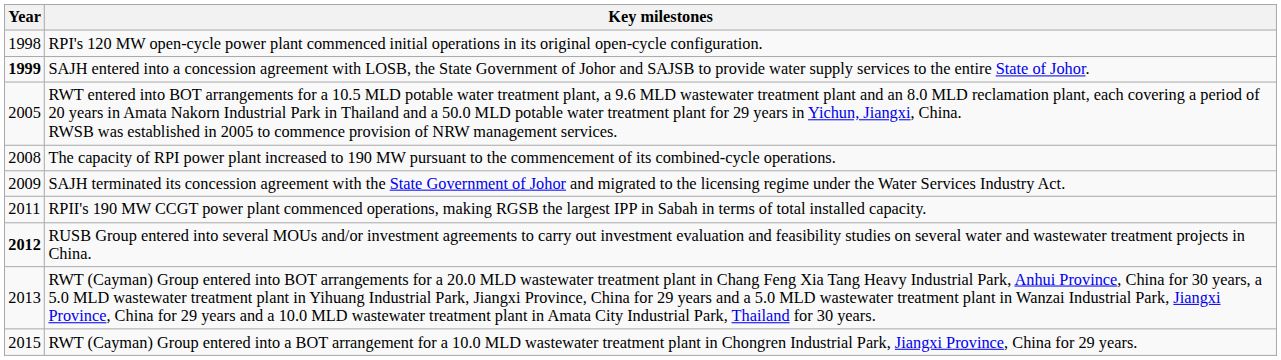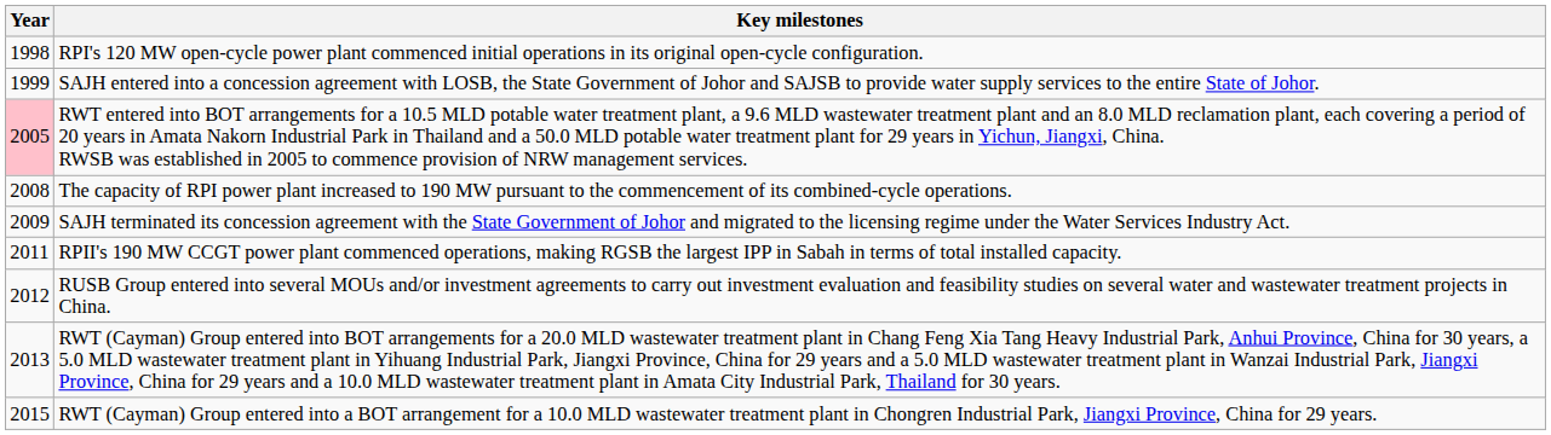 <table class="wikitable">
 <tr>
 <th>Year</th>
 <th>Key milestones</th>
 </tr>
 <tr>
 <td>1998</td>
 <td>RPI's 120 MW open-cycle power plant commenced initial operations in its original open-cycle configuration.</td>
 </tr>
 <tr>
-<td><strong>1999</strong></td>
+<td>1999</td>
 <td>SAJH entered into a concession agreement with LOSB, the State Government of Johor and SAJSB to provide water supply services to the entire <a href='#'>State of Johor</a>.</td>
 </tr>
 <tr>
-<td>2005</td>
+<td style="background: pink;">2005</td>
 <td>RWT entered into BOT arrangements for a 10.5 MLD potable water treatment plant, a 9.6 MLD wastewater treatment plant and an 8.0 MLD reclamation plant, each covering a period of 20 years in Amata Nakorn Industrial Park in Thailand and a 50.0 MLD potable water treatment plant for 29 years in <a href='#'>Yichun, Jiangxi</a>, China.<br>RWSB was established in 2005 to commence provision of NRW management services.</td>
 </tr>
 <tr>
 <td>2008</td>
 <td>The capacity of RPI power plant increased to 190 MW pursuant to the commencement of its combined-cycle operations.</td>
 </tr>
 <tr>
 <td>2009</td>
 <td>SAJH terminated its concession agreement with the <a href='#'>State Government of Johor</a> and migrated to the licensing regime under the Water Services Industry Act.</td>
 </tr>
 <tr>
 <td>2011</td>
 <td>RPII's 190 MW CCGT power plant commenced operations, making RGSB the largest IPP in Sabah in terms of total installed capacity.</td>
 </tr>
 <tr>
-<td><strong>2012</strong></td>
+<td>2012</td>
 <td>RUSB Group entered into several MOUs and/or investment agreements to carry out investment evaluation and feasibility studies on several water and wastewater treatment projects in China.</td>
 </tr>
 <tr>
 <td>2013</td>
 <td>RWT (Cayman) Group entered into BOT arrangements for a 20.0 MLD wastewater treatment plant in Chang Feng Xia Tang Heavy Industrial Park, <a href='#'>Anhui Province</a>, China for 30 years, a 5.0 MLD wastewater treatment plant in Yihuang Industrial Park, Jiangxi Province, China for 29 years and a 5.0 MLD wastewater treatment plant in Wanzai Industrial Park, <a href='#'>Jiangxi Province</a>, China for 29 years and a 10.0 MLD wastewater treatment plant in Amata City Industrial Park, <a href='#'>Thailand</a> for 30 years.</td>
 </tr>
 <tr>
 <td>2015</td>
 <td>RWT (Cayman) Group entered into a BOT arrangement for a 10.0 MLD wastewater treatment plant in Chongren Industrial Park, <a href='#'>Jiangxi Province</a>, China for 29 years.</td>
 </tr>
 </table>
